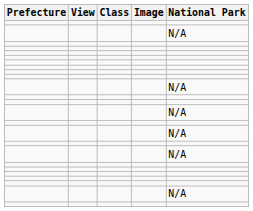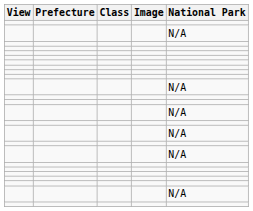 <table class="wikitable sortable">
 <tr>
+<th>View</th>
 <th>Prefecture</th>
-<th>View</th>
 <th>Class</th>
 <th>Image</th>
 <th>National Park</th>
 </tr>
 <tr>
 <td></td>
 <td></td>
 <td></td>
 <td></td>
 <td></td>
 </tr>
 <tr>
 <td></td>
 <td></td>
 <td></td>
 <td></td>
 <td>N/A</td>
 </tr>
 <tr>
 <td></td>
 <td></td>
 <td></td>
 <td></td>
 <td></td>
 </tr>
 <tr>
 <td></td>
 <td></td>
 <td></td>
 <td></td>
 <td></td>
 </tr>
 <tr>
 <td></td>
 <td></td>
 <td></td>
 <td></td>
 <td></td>
 </tr>
 <tr>
 <td></td>
 <td></td>
 <td></td>
 <td></td>
 <td></td>
 </tr>
 <tr>
 <td></td>
 <td></td>
 <td></td>
 <td></td>
 <td></td>
 </tr>
 <tr>
 <td></td>
 <td></td>
 <td></td>
 <td></td>
 <td></td>
 </tr>
 <tr>
 <td></td>
 <td></td>
 <td></td>
 <td></td>
 <td></td>
 </tr>
 <tr>
 <td></td>
 <td></td>
 <td></td>
 <td></td>
 <td></td>
 </tr>
 <tr>
 <td></td>
 <td></td>
 <td></td>
 <td></td>
 <td>N/A</td>
 </tr>
 <tr>
 <td></td>
 <td></td>
 <td></td>
 <td></td>
 <td></td>
 </tr>
 <tr>
 <td></td>
 <td></td>
 <td></td>
 <td></td>
 <td></td>
 </tr>
 <tr>
 <td></td>
 <td></td>
 <td></td>
 <td></td>
 <td>N/A</td>
 </tr>
 <tr>
 <td></td>
 <td></td>
 <td></td>
 <td></td>
 <td></td>
 </tr>
 <tr>
 <td></td>
 <td></td>
 <td></td>
 <td></td>
 <td>N/A</td>
 </tr>
 <tr>
 <td></td>
 <td></td>
 <td></td>
 <td></td>
 <td></td>
 </tr>
 <tr>
 <td></td>
 <td></td>
 <td></td>
 <td></td>
 <td>N/A</td>
 </tr>
 <tr>
 <td></td>
 <td></td>
 <td></td>
 <td></td>
 <td></td>
 </tr>
 <tr>
 <td></td>
 <td></td>
 <td></td>
 <td></td>
 <td></td>
 </tr>
 <tr>
 <td></td>
 <td></td>
 <td></td>
 <td></td>
 <td></td>
 </tr>
 <tr>
 <td></td>
 <td></td>
 <td></td>
 <td></td>
 <td></td>
 </tr>
 <tr>
 <td></td>
 <td></td>
 <td></td>
 <td></td>
 <td></td>
 </tr>
 <tr>
 <td></td>
 <td></td>
 <td></td>
 <td></td>
 <td>N/A</td>
 </tr>
 <tr>
 <td></td>
 <td></td>
 <td></td>
 <td></td>
 <td></td>
 </tr>
 </table>
